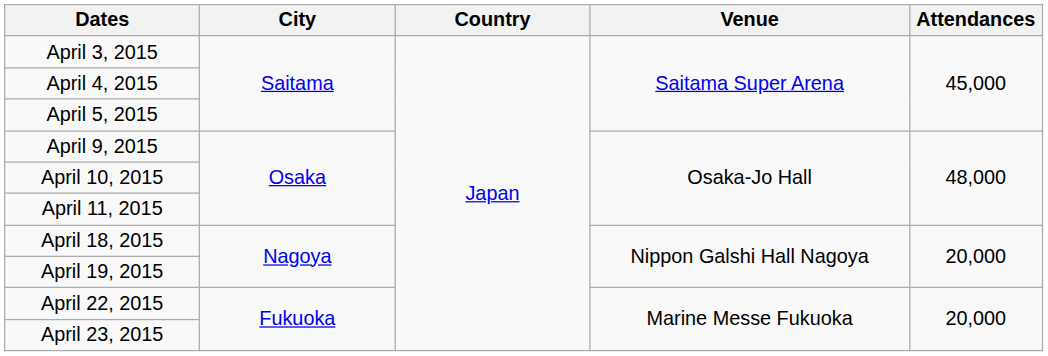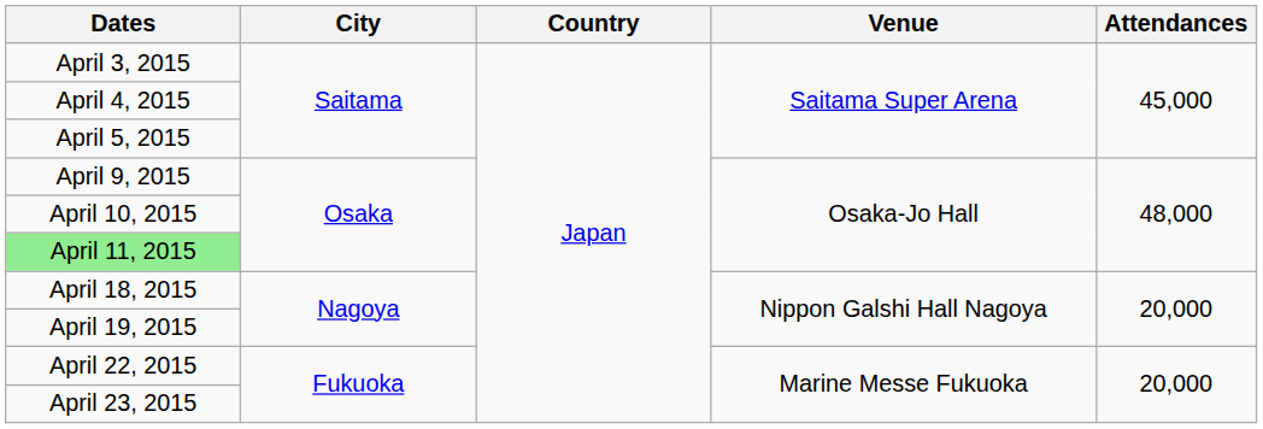 <table class="wikitable" style="text-align:center;">
 <tr>
 <th width="150">Dates</th>
 <th width="150">City</th>
 <th width="150">Country</th>
 <th width="250">Venue</th>
 <th width="100">Attendances</th>
 </tr>
 <tr>
 <td>April 3, 2015</td>
 <td rowspan="3"><a href='#'>Saitama</a></td>
 <td rowspan="10"><a href='#'>Japan</a></td>
 <td rowspan="3"><a href='#'>Saitama Super Arena</a></td>
 <td rowspan="3">45,000</td>
 </tr>
 <tr>
 <td>April 4, 2015</td>
 </tr>
 <tr>
 <td>April 5, 2015</td>
 </tr>
 <tr>
 <td>April 9, 2015</td>
 <td rowspan="3"><a href='#'>Osaka</a></td>
 <td rowspan="3">Osaka-Jo Hall</td>
 <td rowspan="3">48,000</td>
 </tr>
 <tr>
 <td>April 10, 2015</td>
 </tr>
 <tr>
-<td>April 11, 2015</td>
+<td style="background: lightgreen;">April 11, 2015</td>
 </tr>
 <tr>
 <td>April 18, 2015</td>
 <td rowspan="2"><a href='#'>Nagoya</a></td>
 <td rowspan="2">Nippon Galshi Hall Nagoya</td>
 <td rowspan="2">20,000</td>
 </tr>
 <tr>
 <td>April 19, 2015</td>
 </tr>
 <tr>
 <td>April 22, 2015</td>
 <td rowspan="2"><a href='#'>Fukuoka</a></td>
 <td rowspan="2">Marine Messe Fukuoka</td>
 <td rowspan="2">20,000</td>
 </tr>
 <tr>
 <td>April 23, 2015</td>
 </tr>
 </table>
